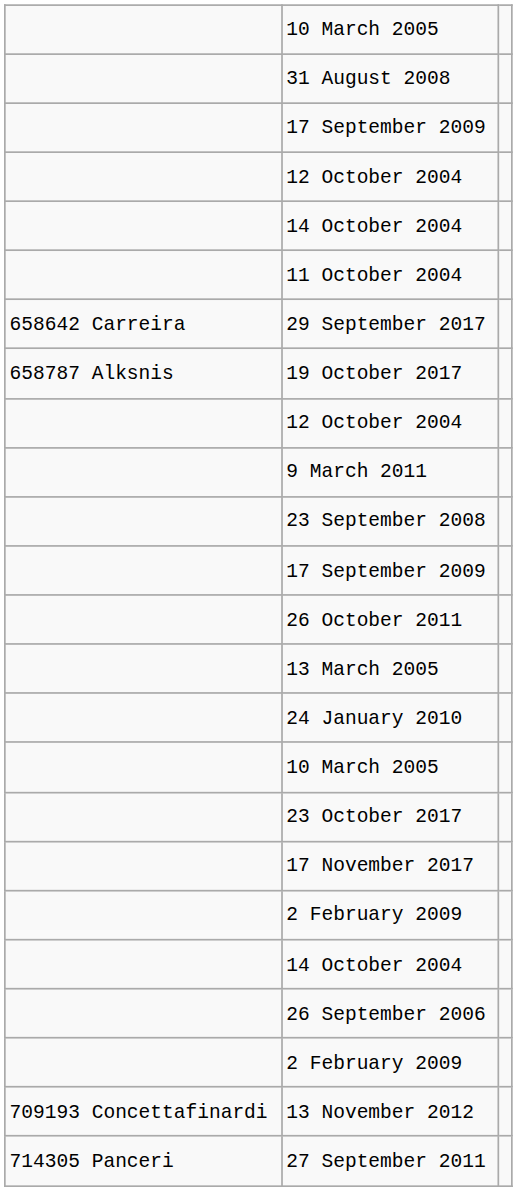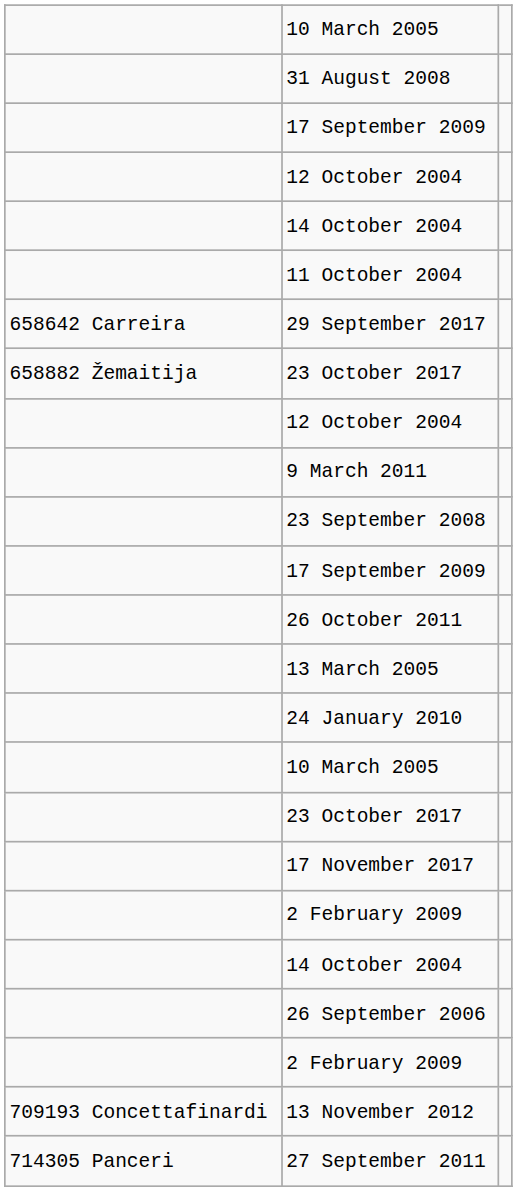 <table class="wikitable" style="font-size: 89%; float: left; width: 26em; margin-right: 1em; height: 700px;">
 <tr>
 <td></td>
 <td>10 March 2005</td>
 <td> </td>
 </tr>
 <tr>
 <td></td>
 <td>31 August 2008</td>
 <td> </td>
 </tr>
 <tr>
 <td></td>
 <td>17 September 2009</td>
 <td> </td>
 </tr>
 <tr>
 <td></td>
 <td>12 October 2004</td>
 <td> </td>
 </tr>
 <tr>
 <td></td>
 <td>14 October 2004</td>
 <td> </td>
 </tr>
 <tr>
 <td></td>
 <td>11 October 2004</td>
 <td> </td>
 </tr>
 <tr>
 <td>658642 Carreira</td>
 <td>29 September 2017</td>
 <td> </td>
 </tr>
 <tr>
-<td>658787 Alksnis</td>
-<td>19 October 2017</td>
+<td>658882 Žemaitija</td>
+<td>23 October 2017</td>
 <td> </td>
 </tr>
 <tr>
 <td></td>
 <td>12 October 2004</td>
 <td> </td>
 </tr>
 <tr>
 <td></td>
 <td>9 March 2011</td>
 <td></td>
 </tr>
 <tr>
 <td></td>
 <td>23 September 2008</td>
 <td></td>
 </tr>
 <tr>
 <td></td>
 <td>17 September 2009</td>
 <td> </td>
 </tr>
 <tr>
 <td></td>
 <td>26 October 2011</td>
 <td> </td>
 </tr>
 <tr>
 <td></td>
 <td>13 March 2005</td>
 <td> </td>
 </tr>
 <tr>
 <td></td>
 <td>24 January 2010</td>
 <td> </td>
 </tr>
 <tr>
 <td></td>
 <td>10 March 2005</td>
 <td> </td>
 </tr>
 <tr>
 <td></td>
 <td>23 October 2017</td>
 <td> </td>
 </tr>
 <tr>
 <td></td>
 <td>17 November 2017</td>
 <td> </td>
 </tr>
 <tr>
 <td></td>
 <td>2 February 2009</td>
 <td> </td>
 </tr>
 <tr>
 <td></td>
 <td>14 October 2004</td>
 <td> </td>
 </tr>
 <tr>
 <td></td>
 <td>26 September 2006</td>
 <td> </td>
 </tr>
 <tr>
 <td></td>
 <td>2 February 2009</td>
 <td> </td>
 </tr>
 <tr>
 <td>709193 Concettafinardi</td>
 <td>13 November 2012</td>
 <td> </td>
 </tr>
 <tr>
 <td>714305 Panceri</td>
 <td>27 September 2011</td>
 <td> </td>
 </tr>
 <tr>
 </tr>
 </table>
